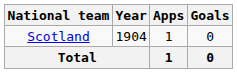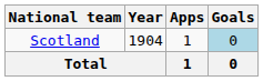 <table class="wikitable" style="text-align: center;">
 <tr>
 <th>National team</th>
 <th>Year</th>
 <th>Apps</th>
 <th>Goals</th>
 </tr>
 <tr>
 <td><a href='#'>Scotland</a></td>
 <td>1904</td>
 <td>1</td>
-<td>0</td>
+<td style="background: lightblue;">0</td>
 </tr>
 <tr>
 <th colspan="2">Total</th>
 <th>1</th>
 <th>0</th>
 </tr>
 </table>
